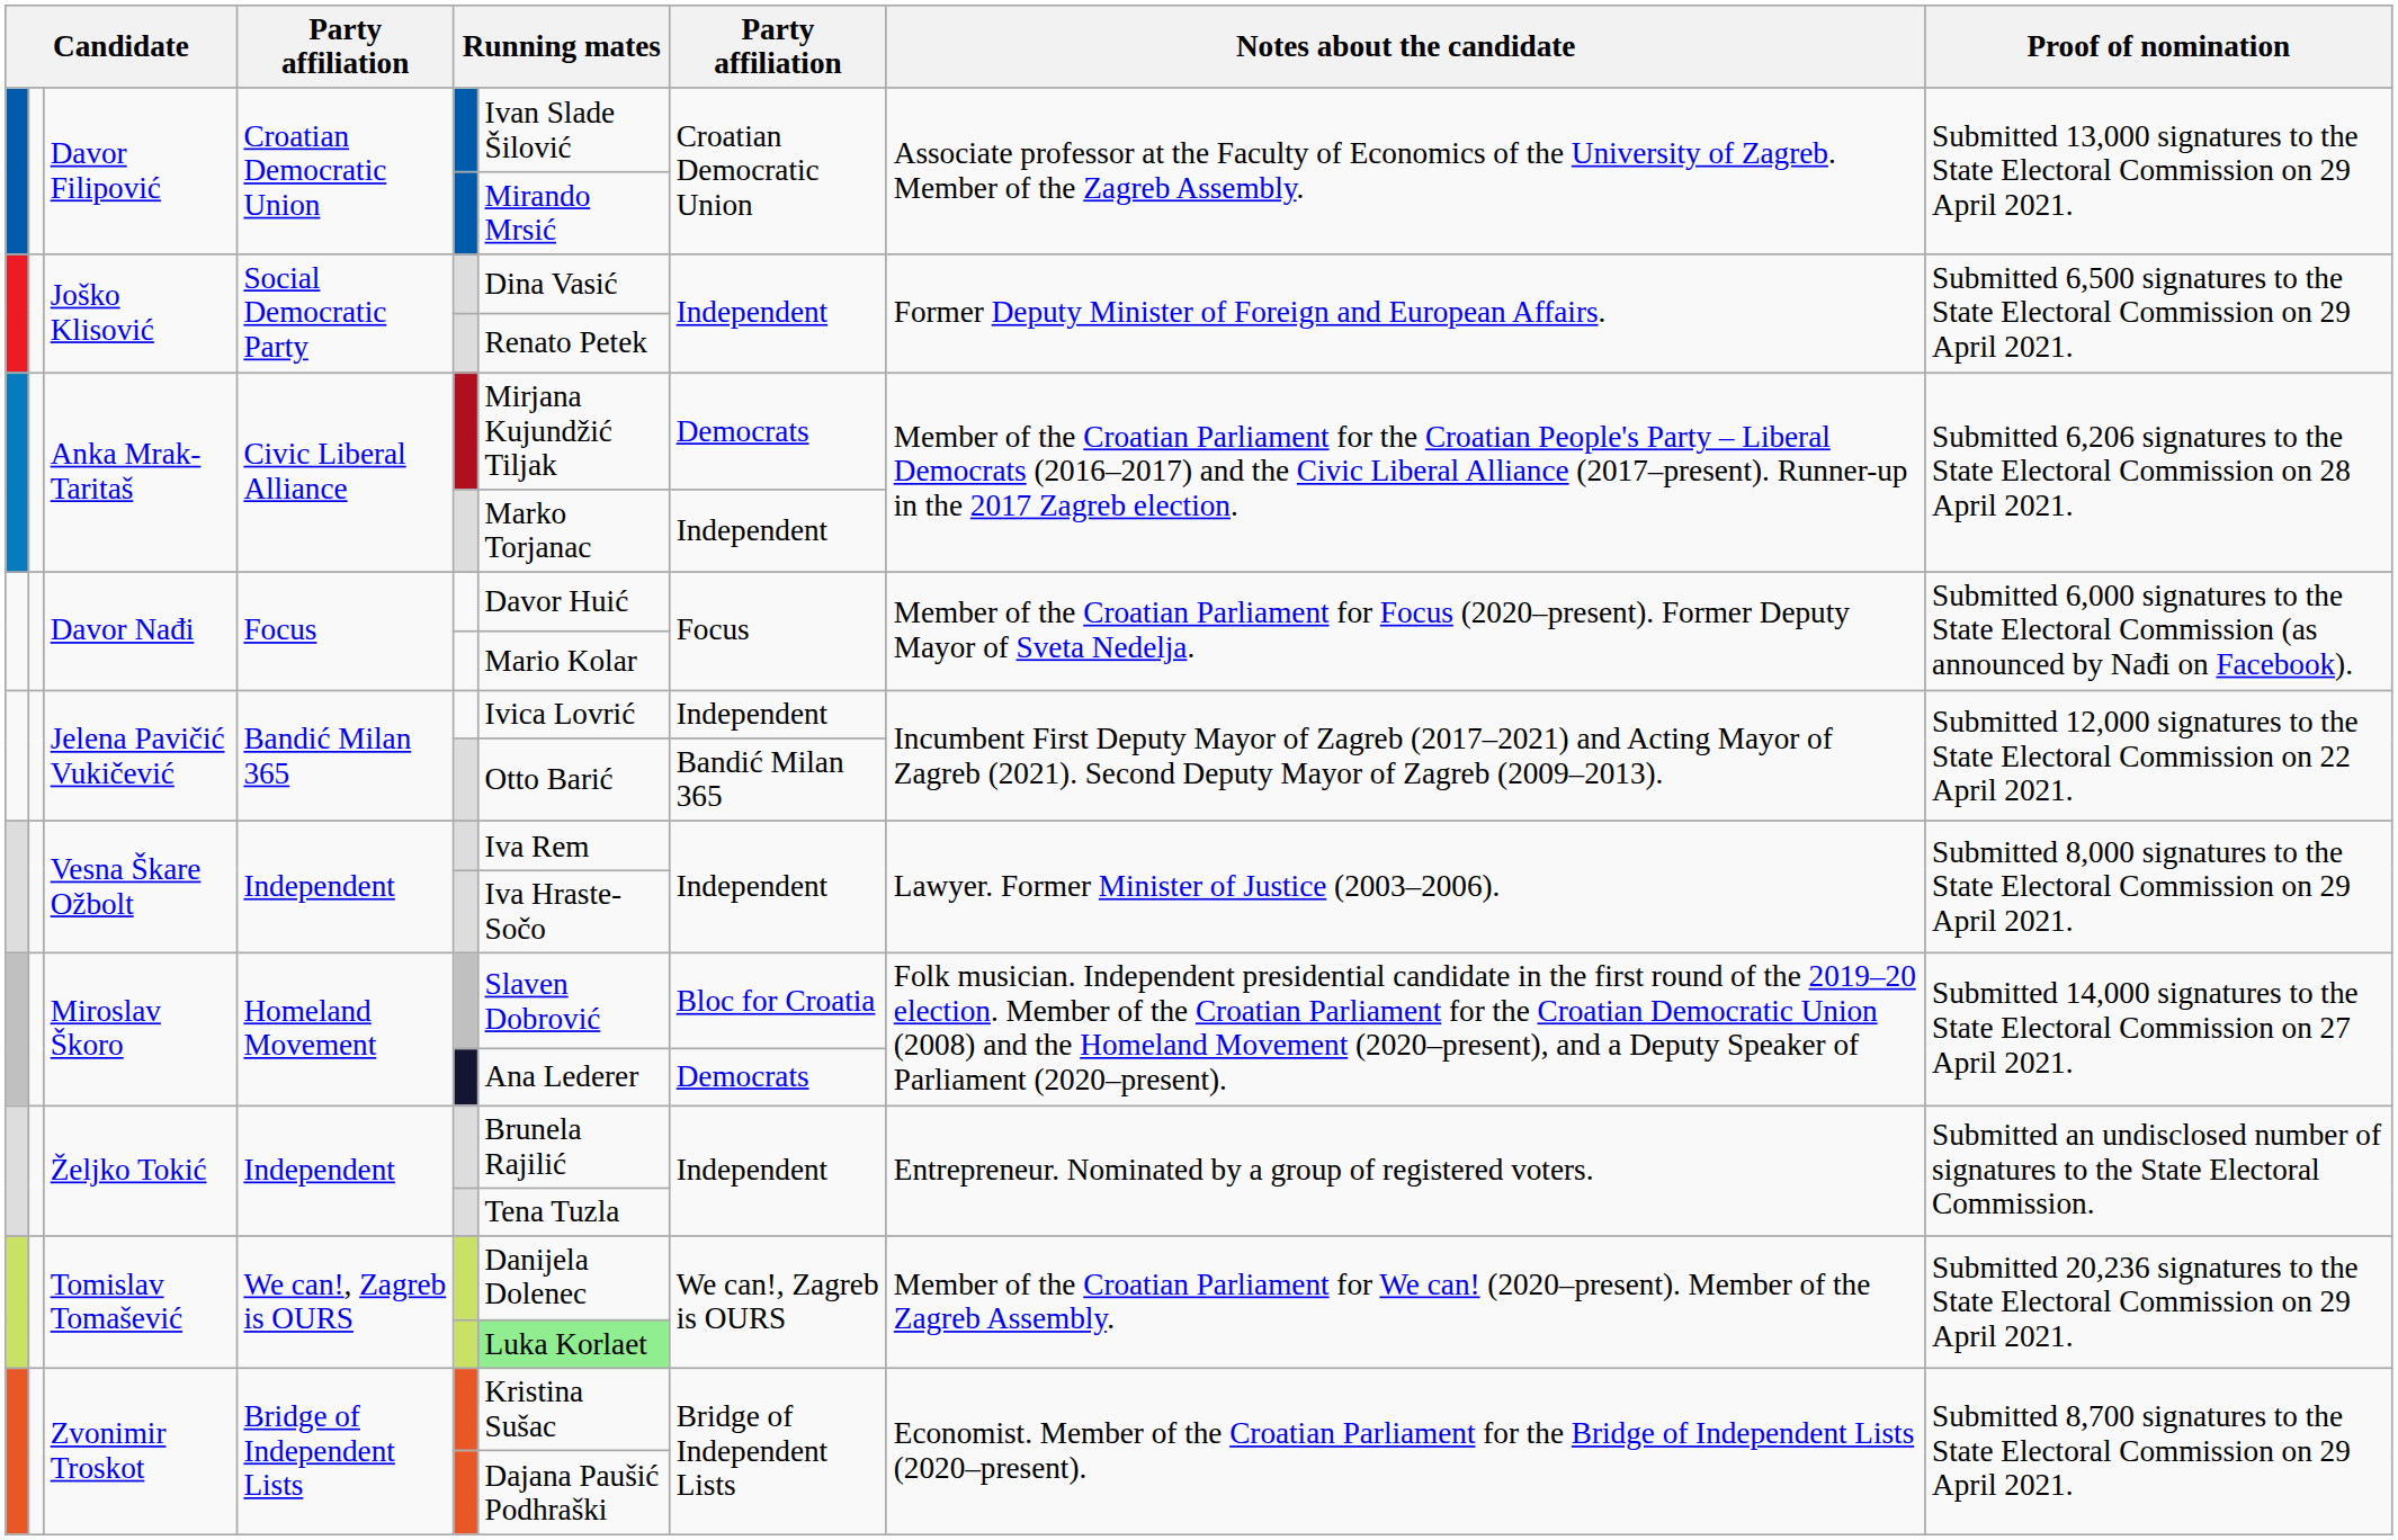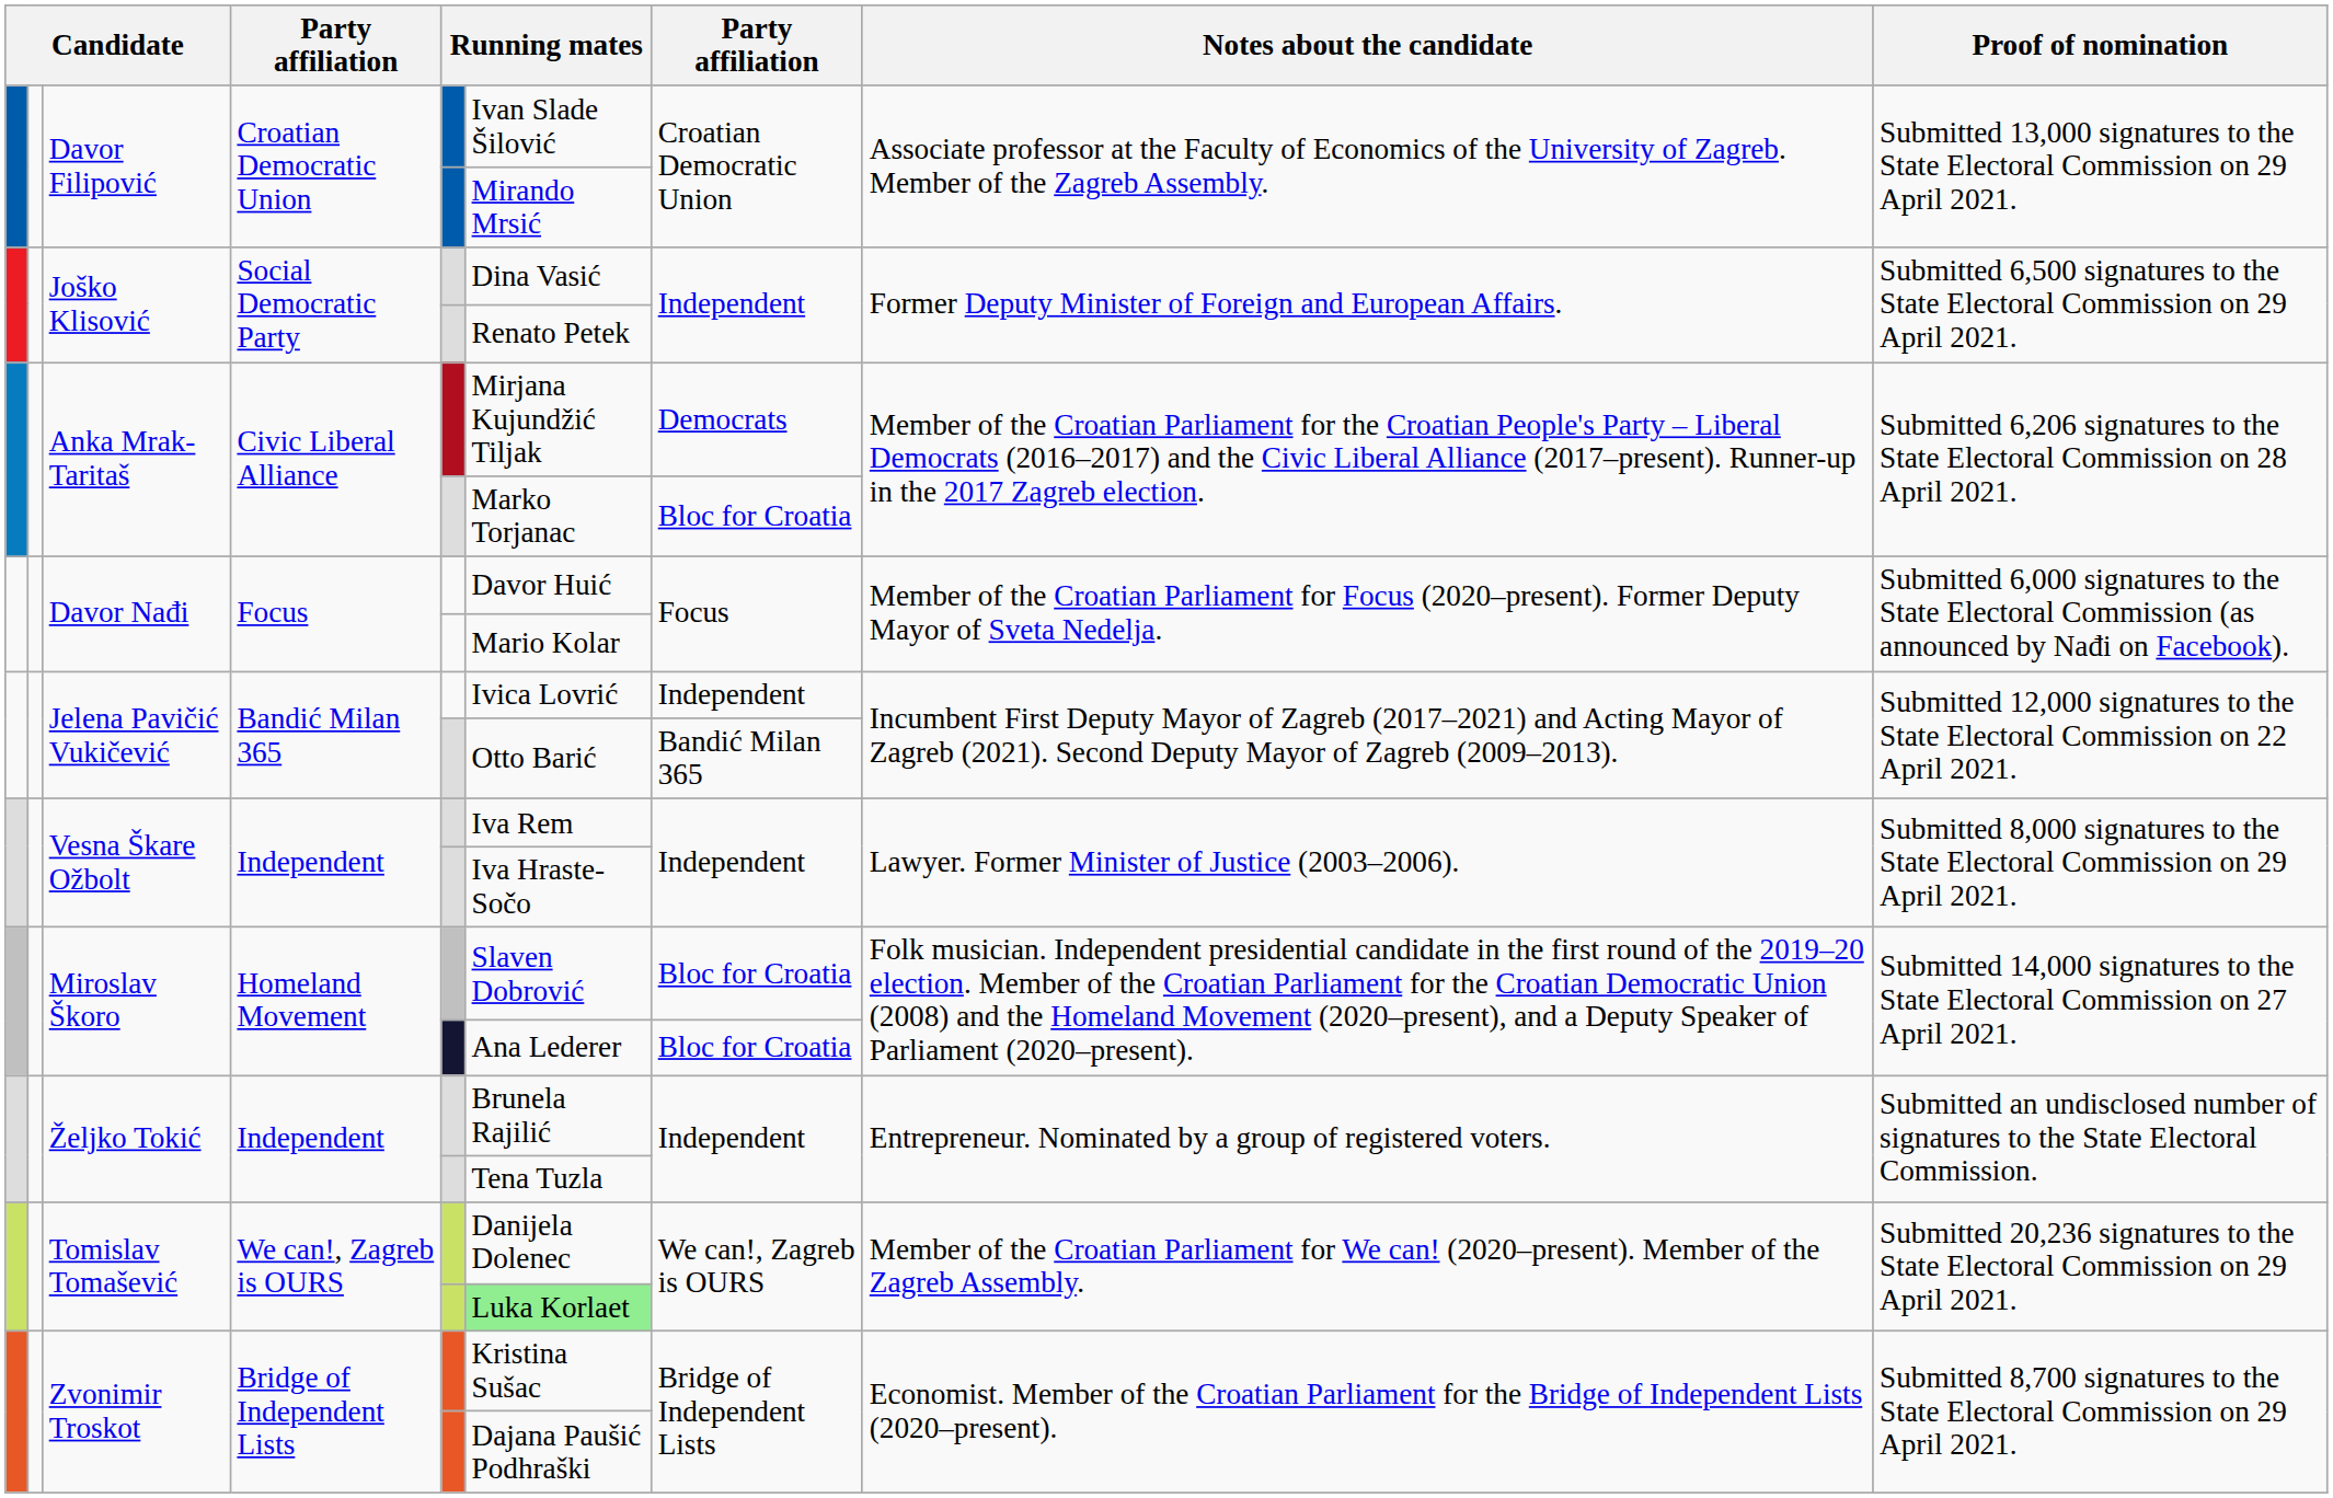 <table class="wikitable">
 <tr>
 <th colspan=3>Candidate</th>
 <th>Party affiliation</th>
 <th colspan=2>Running mates</th>
 <th>Party affiliation</th>
 <th>Notes about the candidate</th>
 <th>Proof of nomination</th>
 </tr>
 <tr>
 <td rowspan=2 width=5px style="background:#005BAA;"></td>
 <td rowspan=2></td>
 <td rowspan=2><a href='#'>Davor Filipović</a></td>
 <td rowspan=2><a href='#'>Croatian Democratic Union</a></td>
 <td width=5px style="background:#005BAA;"></td>
 <td>Ivan Slade Šilović</td>
 <td rowspan=2>Croatian Democratic Union</td>
 <td rowspan=2>Associate professor at the Faculty of Economics of the <a href='#'>University of Zagreb</a>. Member of the <a href='#'>Zagreb Assembly</a>.</td>
 <td rowspan=2>Submitted 13,000 signatures to the State Electoral Commission on 29 April 2021.</td>
 </tr>
 <tr>
 <td width=5px style="background:#005BAA;"></td>
 <td><a href='#'>Mirando Mrsić</a></td>
 </tr>
 <tr>
 <td rowspan=2 width=5px style="background:#ED1C24;"></td>
 <td rowspan=2></td>
 <td rowspan=2><a href='#'>Joško Klisović</a></td>
 <td rowspan=2><a href='#'>Social Democratic Party</a></td>
 <td width=5px style="background:#DDDDDD;"></td>
 <td>Dina Vasić</td>
 <td rowspan=2><a href='#'>Independent</a></td>
 <td rowspan=2>Former <a href='#'>Deputy Minister of Foreign and European Affairs</a>.</td>
 <td rowspan=2>Submitted 6,500 signatures to the State Electoral Commission on 29 April 2021.</td>
 </tr>
 <tr>
 <td width=5px style="background:#DDDDDD;"></td>
 <td>Renato Petek</td>
 </tr>
 <tr>
 <td rowspan=2 width=5px style="background:#067CBF;"></td>
 <td rowspan=2></td>
 <td rowspan=2><a href='#'>Anka Mrak-Taritaš</a></td>
 <td rowspan=2><a href='#'>Civic Liberal Alliance</a></td>
 <td width=5px style="background:#B00F1F;"></td>
 <td>Mirjana Kujundžić Tiljak</td>
 <td><a href='#'>Democrats</a></td>
 <td rowspan=2>Member of the <a href='#'>Croatian Parliament</a> for the <a href='#'>Croatian People's Party – Liberal Democrats</a> (2016–2017) and the <a href='#'>Civic Liberal Alliance</a> (2017–present). Runner-up in the <a href='#'>2017 Zagreb election</a>.</td>
 <td rowspan=2>Submitted 6,206 signatures to the State Electoral Commission on 28 April 2021.</td>
 </tr>
 <tr>
 <td width=5px style="background:#DDDDDD;"></td>
 <td>Marko Torjanac</td>
-<td>Independent</td>
+<td><a href='#'>Bloc for Croatia</a></td>
 </tr>
 <tr>
 <td rowspan=2 width=5px style="background:"></td>
 <td rowspan=2></td>
 <td rowspan=2><a href='#'>Davor Nađi</a></td>
 <td rowspan=2><a href='#'>Focus</a></td>
 <td width=5px style="color:inherit;background:"></td>
 <td>Davor Huić</td>
 <td rowspan=2>Focus</td>
 <td rowspan=2>Member of the <a href='#'>Croatian Parliament</a> for <a href='#'>Focus</a> (2020–present). Former Deputy Mayor of <a href='#'>Sveta Nedelja</a>.</td>
 <td rowspan=2>Submitted 6,000 signatures to the State Electoral Commission (as announced by Nađi on <a href='#'>Facebook</a>).</td>
 </tr>
 <tr>
 <td width=5px style="color:inherit;background:"></td>
 <td>Mario Kolar</td>
 </tr>
 <tr>
 <td rowspan=2 width=5px style="background:"></td>
 <td rowspan=2></td>
 <td rowspan=2><a href='#'>Jelena Pavičić Vukičević</a></td>
 <td rowspan=2><a href='#'>Bandić Milan 365</a></td>
 <td width=5px style="color:inherit;background:"></td>
 <td>Ivica Lovrić</td>
 <td>Independent</td>
 <td rowspan=2>Incumbent First Deputy Mayor of Zagreb (2017–2021) and Acting Mayor of Zagreb (2021). Second Deputy Mayor of Zagreb (2009–2013).</td>
 <td rowspan=2>Submitted 12,000 signatures to the State Electoral Commission on 22 April 2021.</td>
 </tr>
 <tr>
 <td width=5px style="background:#DDDDDD;"></td>
 <td>Otto Barić</td>
 <td>Bandić Milan 365</td>
 </tr>
 <tr>
 <td rowspan=2 width=5px style="background:#DDDDDD;"></td>
 <td rowspan=2></td>
 <td rowspan=2><a href='#'>Vesna Škare Ožbolt</a></td>
 <td rowspan=2><a href='#'>Independent</a></td>
 <td width=5px style="background:#DDDDDD;"></td>
 <td>Iva Rem</td>
 <td rowspan=2>Independent</td>
 <td rowspan=2>Lawyer. Former <a href='#'>Minister of Justice</a> (2003–2006).</td>
 <td rowspan=2>Submitted 8,000 signatures to the State Electoral Commission on 29 April 2021.</td>
 </tr>
 <tr>
 <td width=5px style="background:#DDDDDD;"></td>
 <td>Iva Hraste-Sočo</td>
 </tr>
 <tr>
 <td rowspan=2 width=5px style="background:#c0c0c0;"></td>
 <td rowspan=2></td>
 <td rowspan=2><a href='#'>Miroslav Škoro</a></td>
 <td rowspan=2><a href='#'>Homeland Movement</a></td>
 <td width=5px style="background:#c0c0c0;"></td>
 <td><a href='#'>Slaven Dobrović</a></td>
 <td><a href='#'>Bloc for Croatia</a></td>
 <td rowspan=2>Folk musician. Independent presidential candidate in the first round of the <a href='#'>2019–20 election</a>. Member of the <a href='#'>Croatian Parliament</a> for the <a href='#'>Croatian Democratic Union</a> (2008) and the <a href='#'>Homeland Movement</a> (2020–present), and a Deputy Speaker of Parliament (2020–present).</td>
 <td rowspan=2>Submitted 14,000 signatures to the State Electoral Commission on 27 April 2021.</td>
 </tr>
 <tr>
 <td width=5px style="background:#141433;"></td>
 <td>Ana Lederer</td>
-<td><a href='#'>Democrats</a></td>
+<td><a href='#'>Bloc for Croatia</a></td>
 </tr>
 <tr>
 <td rowspan=2 width=5px style="background:#DDDDDD;"></td>
 <td rowspan=2></td>
 <td rowspan=2><a href='#'>Željko Tokić</a></td>
 <td rowspan=2><a href='#'>Independent</a></td>
 <td width=5px style="background:#DDDDDD;"></td>
 <td>Brunela Rajilić</td>
 <td rowspan=2>Independent</td>
 <td rowspan=2>Entrepreneur. Nominated by a group of registered voters.</td>
 <td rowspan=2>Submitted an undisclosed number of signatures to the State Electoral Commission.</td>
 </tr>
 <tr>
 <td width=5px style="background:#DDDDDD;"></td>
 <td>Tena Tuzla</td>
 </tr>
 <tr>
 <td rowspan=2 width=5px style="background:#C9E265;"></td>
 <td rowspan=2></td>
 <td rowspan=2><a href='#'>Tomislav Tomašević</a></td>
 <td rowspan=2><a href='#'>We can!</a>, <a href='#'>Zagreb is OURS</a></td>
 <td width=5px style="background:#C9E265;"></td>
 <td>Danijela Dolenec</td>
 <td rowspan=2>We can!, Zagreb is OURS</td>
 <td rowspan=2>Member of the <a href='#'>Croatian Parliament</a> for <a href='#'>We can!</a> (2020–present). Member of the <a href='#'>Zagreb Assembly</a>.</td>
 <td rowspan=2>Submitted 20,236 signatures to the State Electoral Commission on 29 April 2021.</td>
 </tr>
 <tr>
 <td width=5px style="background:#C9E265;"></td>
 <td style="background: lightgreen;">Luka Korlaet</td>
 </tr>
 <tr>
 <td rowspan=2 width=5px style="background:#E85726;"></td>
 <td rowspan=2></td>
 <td rowspan=2><a href='#'>Zvonimir Troskot</a></td>
 <td rowspan=2><a href='#'>Bridge of Independent Lists</a></td>
 <td width=5px style="background:#E85726;"></td>
 <td>Kristina Sušac</td>
 <td rowspan=2>Bridge of Independent Lists</td>
 <td rowspan=2>Economist. Member of the <a href='#'>Croatian Parliament</a> for the <a href='#'>Bridge of Independent Lists</a> (2020–present).</td>
 <td rowspan=2>Submitted 8,700 signatures to the State Electoral Commission on 29 April 2021.</td>
 </tr>
 <tr>
 <td width=5px style="background:#E85726;"></td>
 <td>Dajana Paušić Podhraški</td>
 </tr>
 </table>
